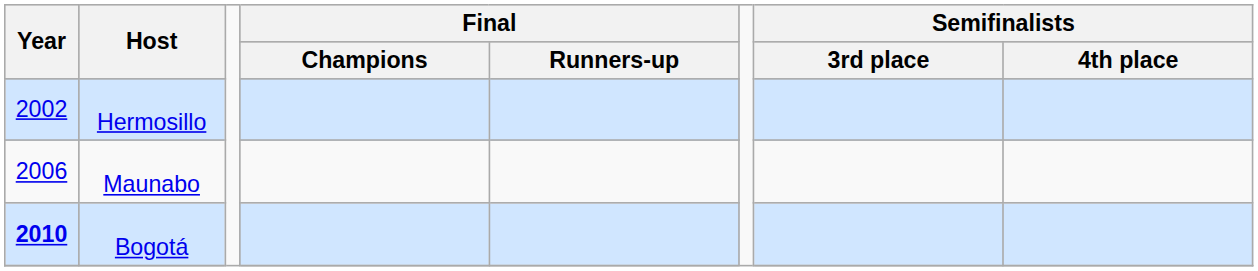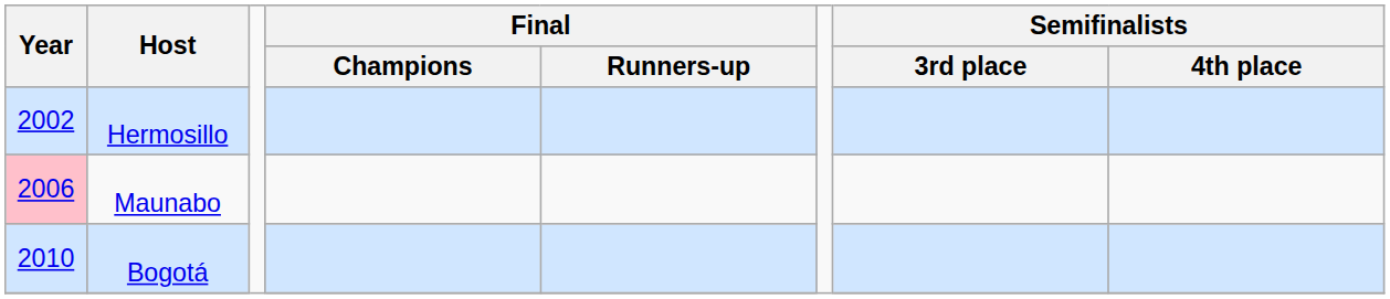 <table class="wikitable" style="font-size:90%; text-align: center;">
 <tr>
 <th rowspan=2 width=5%>Year</th>
 <th rowspan=2 width=10%>Host</th>
 <td width=1% rowspan=21 style="border-top:none;border-bottom:none;"></td>
 <th colspan=2>Final</th>
 <td width=1% rowspan=21 style="border-top:none;border-bottom:none;"></td>
 <th colspan=2>Semifinalists</th>
 </tr>
 <tr>
 <th width=17%>Champions</th>
 <th width=17%>Runners-up</th>
 <th width=17%>3rd place</th>
 <th width=17%>4th place</th>
 </tr>
 <tr style="background: #D0E6FF;">
 <td><a href='#'>2002</a></td>
 <td><br><a href='#'>Hermosillo</a></td>
 <td><strong></strong></td>
 <td></td>
 <td></td>
 <td></td>
 </tr>
 <tr>
-<td><a href='#'>2006</a></td>
+<td style="background: pink;"><a href='#'>2006</a></td>
 <td><br><a href='#'>Maunabo</a></td>
 <td><strong></strong></td>
 <td></td>
 <td></td>
 <td></td>
 </tr>
 <tr style="background: #D0E6FF;">
-<td><strong><a href='#'>2010</a></strong></td>
+<td><a href='#'>2010</a></td>
 <td><br><a href='#'>Bogotá</a></td>
 <td><strong></strong></td>
 <td></td>
 <td></td>
 <td></td>
 </tr>
 <tr>
 </tr>
 </table>
